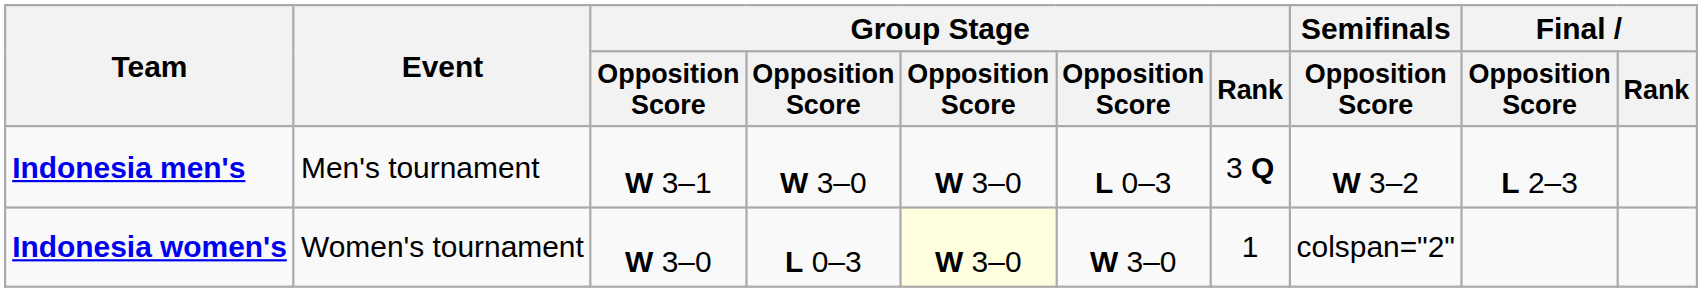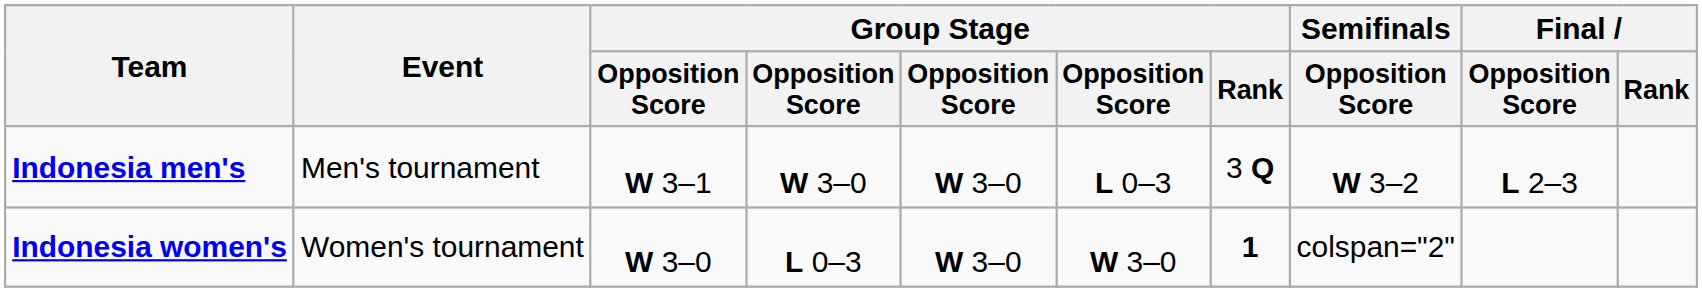 <table class="wikitable" style="font-size:85%">
 <tr>
 <th rowspan=2>Team</th>
 <th rowspan=2>Event</th>
 <th colspan=5>Group Stage</th>
 <th>Semifinals</th>
 <th colspan=2>Final / </th>
 </tr>
 <tr style="font-size:90%">
 <th>Opposition<br>Score</th>
 <th>Opposition<br>Score</th>
 <th>Opposition<br>Score</th>
 <th>Opposition<br>Score</th>
 <th>Rank</th>
 <th>Opposition<br>Score</th>
 <th>Opposition<br>Score</th>
 <th>Rank</th>
 </tr>
 <tr align=center>
 <td align=left><strong><a href='#'>Indonesia men's</a></strong></td>
 <td align=left>Men's tournament</td>
 <td><br><strong>W</strong> 3–1</td>
 <td><br><strong>W</strong> 3–0</td>
 <td><br><strong>W</strong> 3–0</td>
 <td><br><strong>L</strong> 0–3</td>
 <td>3 <strong>Q</strong></td>
 <td><br><strong>W</strong> 3–2</td>
 <td><br><strong>L</strong> 2–3</td>
 <td></td>
 </tr>
 <tr align=center>
 <td align=left><strong><a href='#'>Indonesia women's</a></strong></td>
 <td align=left>Women's tournament</td>
 <td><br><strong>W</strong> 3–0</td>
 <td><br><strong>L</strong> 0–3</td>
-<td style="background: lightyellow;"><br><strong>W</strong> 3–0</td>
 <td><br><strong>W</strong> 3–0</td>
-<td>1</td>
+<td><br><strong>W</strong> 3–0</td>
+<td><strong>1</strong></td>
 <td>colspan="2" </td>
 <td></td>
 </tr>
 </table>
